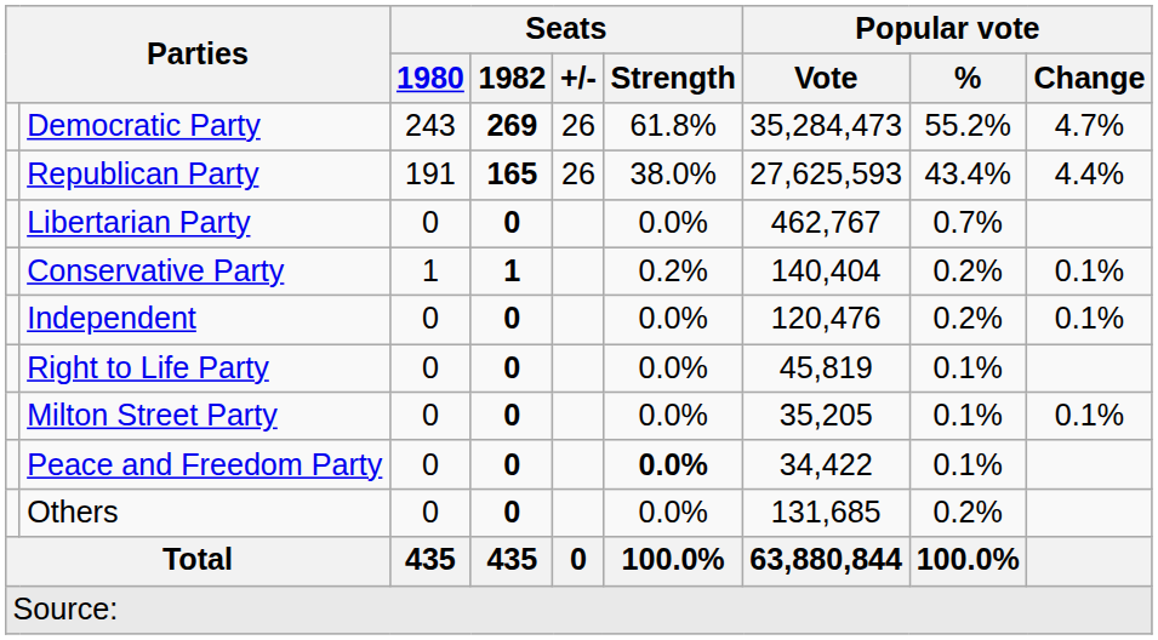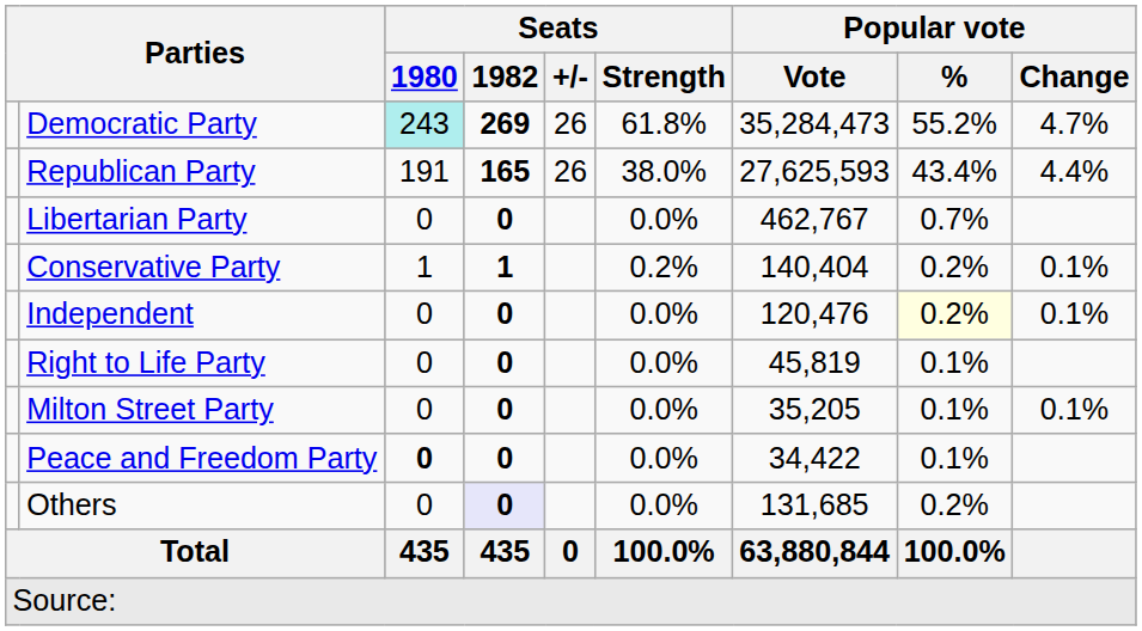 <table class=wikitable style="text-align:center">
 <tr>
 <th rowspan= 2 colspan=2>Parties</th>
 <th colspan=4>Seats</th>
 <th colspan=3>Popular vote</th>
 </tr>
 <tr>
 <th><a href='#'>1980</a></th>
 <th>1982</th>
 <th>+/-</th>
 <th>Strength</th>
 <th>Vote</th>
 <th>%</th>
 <th>Change</th>
 </tr>
 <tr>
 <td></td>
 <td align=left><a href='#'>Democratic Party</a></td>
-<td>243</td>
+<td style="background: paleturquoise;">243</td>
 <td><strong>269</strong></td>
 <td> 26</td>
 <td>61.8%</td>
 <td>35,284,473</td>
 <td>55.2%</td>
 <td> 4.7%</td>
 </tr>
 <tr>
 <td></td>
 <td align=left><a href='#'>Republican Party</a></td>
 <td>191</td>
 <td><strong>165</strong></td>
 <td> 26</td>
 <td>38.0%</td>
 <td>27,625,593</td>
 <td>43.4%</td>
 <td> 4.4%</td>
 </tr>
 <tr>
 <td></td>
 <td align=left><a href='#'>Libertarian Party</a></td>
 <td>0</td>
 <td><strong>0</strong></td>
 <td></td>
 <td>0.0%</td>
 <td>462,767</td>
 <td>0.7%</td>
 <td></td>
 </tr>
 <tr>
 <td></td>
 <td align=left><a href='#'>Conservative Party</a></td>
 <td>1</td>
 <td><strong>1</strong></td>
 <td></td>
 <td>0.2%</td>
 <td>140,404</td>
 <td>0.2%</td>
 <td> 0.1%</td>
 </tr>
 <tr>
 <td></td>
 <td align=left><a href='#'>Independent</a></td>
 <td>0</td>
 <td><strong>0</strong></td>
 <td></td>
 <td>0.0%</td>
 <td>120,476</td>
-<td>0.2%</td>
+<td style="background: lightyellow;">0.2%</td>
 <td> 0.1%</td>
 </tr>
 <tr>
 <td></td>
 <td align=left><a href='#'>Right to Life Party</a></td>
 <td>0</td>
 <td><strong>0</strong></td>
 <td></td>
 <td>0.0%</td>
 <td>45,819</td>
 <td>0.1%</td>
 <td></td>
 </tr>
 <tr>
 <td></td>
 <td align=left><a href='#'>Milton Street Party</a></td>
 <td>0</td>
 <td><strong>0</strong></td>
 <td></td>
 <td>0.0%</td>
 <td>35,205</td>
 <td>0.1%</td>
 <td> 0.1%</td>
 </tr>
 <tr>
 <td></td>
 <td align=left><a href='#'>Peace and Freedom Party</a></td>
-<td>0</td>
+<td><strong>0</strong></td>
 <td><strong>0</strong></td>
 <td></td>
-<td><strong>0.0%</strong></td>
+<td>0.0%</td>
 <td>34,422</td>
 <td>0.1%</td>
 <td></td>
 </tr>
 <tr>
 <td></td>
 <td align=left>Others</td>
 <td>0</td>
-<td><strong>0</strong></td>
+<td style="background: lavender;"><strong>0</strong></td>
 <td></td>
 <td>0.0%</td>
 <td>131,685</td>
 <td>0.2%</td>
 <td></td>
 </tr>
 <tr>
 <th colspan="2" width=100><strong>Total</strong></th>
 <th>435</th>
 <th>435</th>
 <th>0</th>
 <th>100.0%</th>
 <th>63,880,844</th>
 <th>100.0%</th>
 <th></th>
 </tr>
 <tr bgcolor=E9E9E9>
 <td align="left" colspan=9>Source: </td>
 </tr>
 </table>
